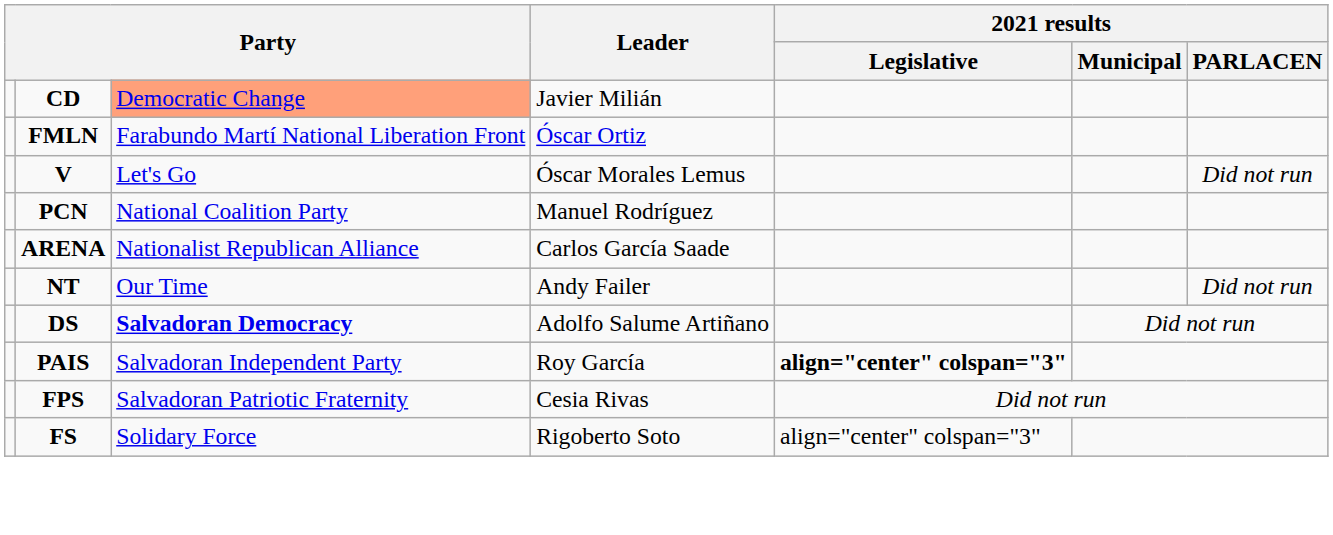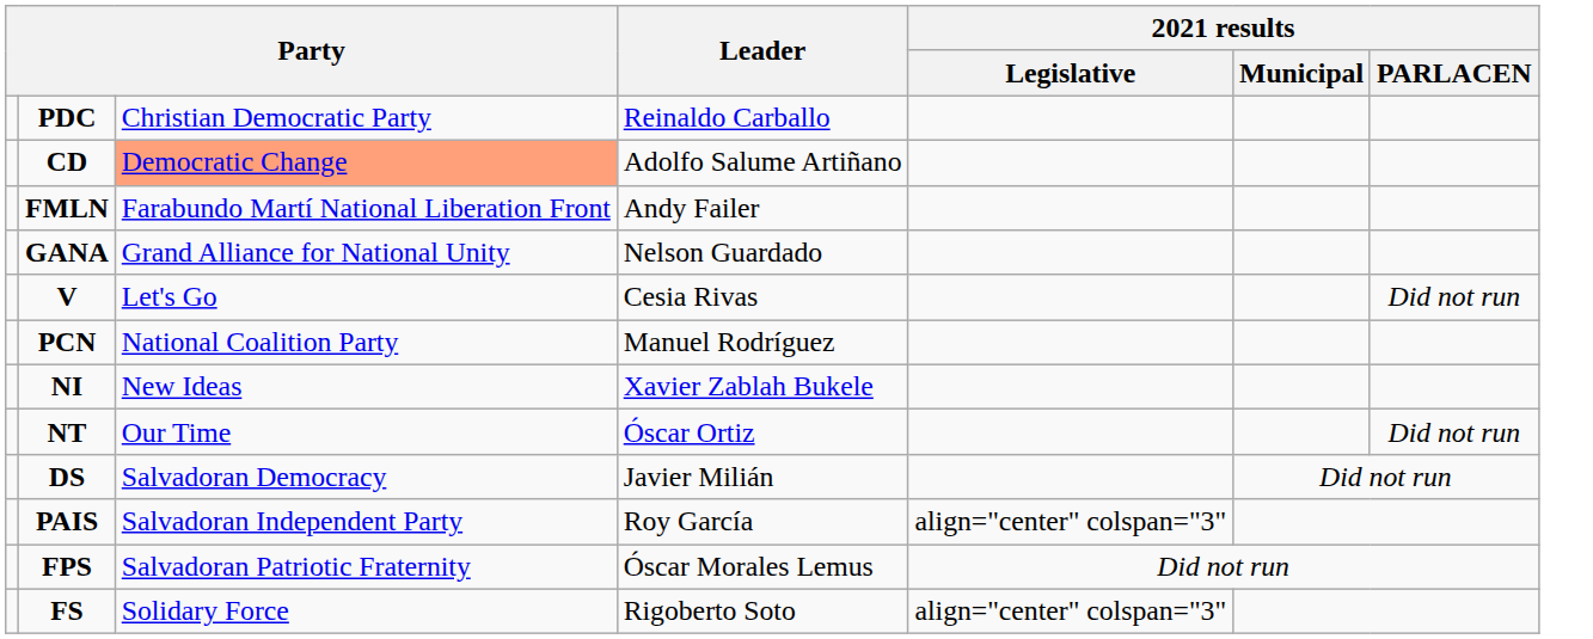 <table class="wikitable">
 <tr>
 <th rowspan="2" colspan="3">Party</th>
 <th rowspan="2">Leader</th>
 <th colspan="3">2021 results</th>
 </tr>
 <tr>
 <th>Legislative</th>
 <th>Municipal</th>
 <th>PARLACEN</th>
 </tr>
 <tr>
 <td style="background-color:"></td>
+<td align="center"><strong>PDC</strong></td>
+<td><a href='#'>Christian Democratic Party</a><br></td>
+<td><a href='#'>Reinaldo Carballo</a></td>
+<td></td>
+<td></td>
+<td></td>
+</tr>
+<tr>
+<td style="background-color:"></td>
 <td align="center"><strong>CD</strong></td>
 <td style="background: lightsalmon;"><a href='#'>Democratic Change</a><br></td>
-<td>Javier Milián</td>
+<td>Adolfo Salume Artiñano</td>
 <td></td>
 <td></td>
 <td></td>
 </tr>
 <tr>
 <td style="background-color:"></td>
 <td align="center"><strong>FMLN</strong></td>
 <td><a href='#'>Farabundo Martí National Liberation Front</a><br></td>
-<td><a href='#'>Óscar Ortiz</a></td>
+<td>Andy Failer</td>
 <td></td>
 <td></td>
 <td></td>
 </tr>
 <tr>
 <td style="background-color:"></td>
+<td align="center"><strong>GANA</strong></td>
+<td><a href='#'>Grand Alliance for National Unity</a><br></td>
+<td>Nelson Guardado</td>
+<td> </td>
+<td> </td>
+<td> </td>
+</tr>
+<tr>
+<td style="background-color:"></td>
 <td align="center"><strong>V</strong></td>
 <td><a href='#'>Let's Go</a><br></td>
-<td>Óscar Morales Lemus</td>
+<td>Cesia Rivas</td>
 <td></td>
 <td></td>
 <td align="center"><em>Did not run</em></td>
 </tr>
 <tr>
 <td style="background-color:"></td>
 <td align="center"><strong>PCN</strong></td>
 <td><a href='#'>National Coalition Party</a><br></td>
 <td>Manuel Rodríguez</td>
 <td></td>
 <td></td>
 <td></td>
 </tr>
 <tr>
 <td style="background-color:"></td>
-<td align="center"><strong>ARENA</strong></td>
-<td><a href='#'>Nationalist Republican Alliance</a><br></td>
-<td>Carlos García Saade</td>
+<td align="center"><strong>NI</strong></td>
+<td><a href='#'>New Ideas</a><br></td>
+<td><a href='#'>Xavier Zablah Bukele</a></td>
 <td></td>
 <td></td>
 <td></td>
 </tr>
 <tr>
 <td style="background-color:"></td>
 <td align="center"><strong>NT</strong></td>
 <td><a href='#'>Our Time</a><br></td>
-<td>Andy Failer</td>
+<td><a href='#'>Óscar Ortiz</a></td>
 <td></td>
 <td></td>
 <td align="center"><em>Did not run</em></td>
 </tr>
 <tr>
 <td style="background-color:"></td>
 <td align="center"><strong>DS</strong></td>
-<td><strong><a href='#'>Salvadoran Democracy</a><br></strong></td>
-<td>Adolfo Salume Artiñano</td>
+<td><a href='#'>Salvadoran Democracy</a><br></td>
+<td>Javier Milián</td>
 <td></td>
 <td align="center" colspan="2"><em>Did not run</em></td>
 </tr>
 <tr>
 <td style="background-color:"></td>
 <td align="center"><strong>PAIS</strong></td>
 <td><a href='#'>Salvadoran Independent Party</a><br></td>
 <td>Roy García</td>
-<td><strong>align="center" colspan="3" </strong></td>
+<td>align="center" colspan="3" </td>
 </tr>
 <tr>
 <td style="background-color:"></td>
 <td align="center"><strong>FPS</strong></td>
 <td><a href='#'>Salvadoran Patriotic Fraternity</a><br></td>
-<td>Cesia Rivas</td>
+<td>Óscar Morales Lemus</td>
 <td align="center" colspan="3"><em>Did not run</em></td>
 </tr>
 <tr>
 <td style="background-color:"></td>
 <td align="center"><strong>FS</strong></td>
 <td><a href='#'>Solidary Force</a><br></td>
 <td>Rigoberto Soto</td>
 <td>align="center" colspan="3" </td>
 </tr>
 </table>
